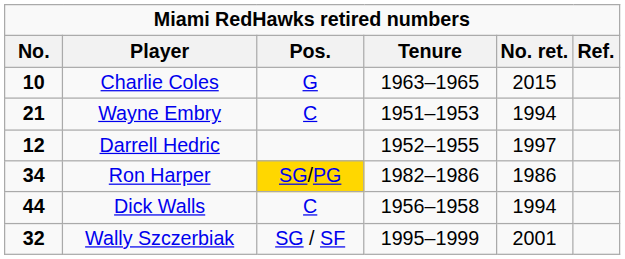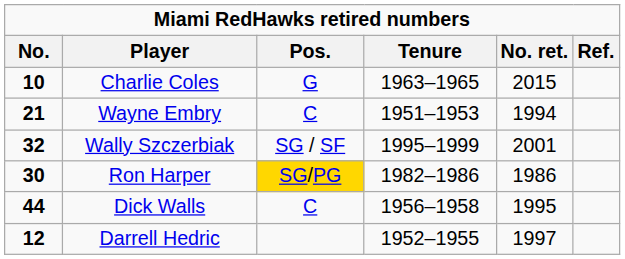 <table class="wikitable sortable" style="text-align:center">
 <tr>
 <td colspan=6><strong>Miami RedHawks retired numbers</strong></td>
 </tr>
 <tr>
 <th width=40px>No.</th>
 <th width=150px>Player</th>
 <th width=80px>Pos.</th>
 <th width=100px>Tenure</th>
 <th width=px>No. ret.</th>
 <th width=px>Ref.</th>
 </tr>
 <tr>
 <td><strong>10</strong></td>
 <td><a href='#'>Charlie Coles</a></td>
 <td><a href='#'>G</a></td>
 <td>1963–1965</td>
 <td>2015</td>
 <td></td>
 </tr>
 <tr>
 <td><strong>21</strong></td>
 <td><a href='#'>Wayne Embry</a></td>
 <td><a href='#'>C</a></td>
 <td>1951–1953</td>
 <td>1994</td>
 <td></td>
 </tr>
 <tr>
-<td><strong>12</strong></td>
-<td><a href='#'>Darrell Hedric</a></td>
-<td></td>
-<td>1952–1955</td>
-<td>1997</td>
+<td><strong>32</strong></td>
+<td><a href='#'>Wally Szczerbiak</a></td>
+<td><a href='#'>SG</a> / <a href='#'>SF</a></td>
+<td>1995–1999</td>
+<td>2001</td>
 <td></td>
 </tr>
 <tr>
-<td><strong>34</strong></td>
+<td><strong>30</strong></td>
 <td><a href='#'>Ron Harper</a></td>
 <td style="background: gold;"><a href='#'>SG</a>/<a href='#'>PG</a></td>
 <td>1982–1986</td>
 <td>1986</td>
 <td></td>
 </tr>
 <tr>
 <td><strong>44</strong></td>
 <td><a href='#'>Dick Walls</a></td>
 <td><a href='#'>C</a></td>
 <td>1956–1958</td>
-<td>1994</td>
+<td>1995</td>
 <td></td>
 </tr>
 <tr>
-<td><strong>32</strong></td>
-<td><a href='#'>Wally Szczerbiak</a></td>
-<td><a href='#'>SG</a> / <a href='#'>SF</a></td>
-<td>1995–1999</td>
-<td>2001</td>
+<td><strong>12</strong></td>
+<td><a href='#'>Darrell Hedric</a></td>
+<td></td>
+<td>1952–1955</td>
+<td>1997</td>
 <td></td>
 </tr>
 </table>
